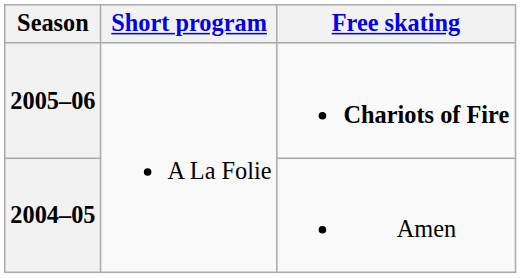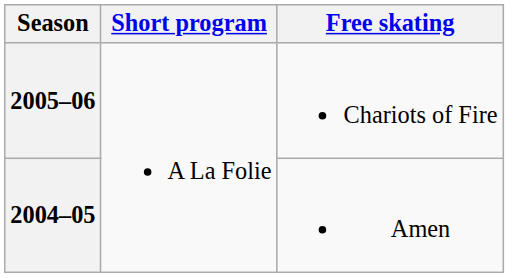 <table class=wikitable style=text-align:center>
 <tr>
 <th>Season</th>
 <th><a href='#'>Short program</a></th>
 <th><a href='#'>Free skating</a></th>
 </tr>
 <tr>
 <th>2005–06 <br> </th>
 <td rowspan=2><br><ul><li>A La Folie <br></li></ul></td>
-<td><strong><br><ul><li>Chariots of Fire <br></li></ul></strong></td>
+<td><br><ul><li>Chariots of Fire <br></li></ul></td>
 </tr>
 <tr>
 <th>2004–05 <br> </th>
 <td><br><ul><li>Amen <br></li></ul></td>
 </tr>
 </table>
